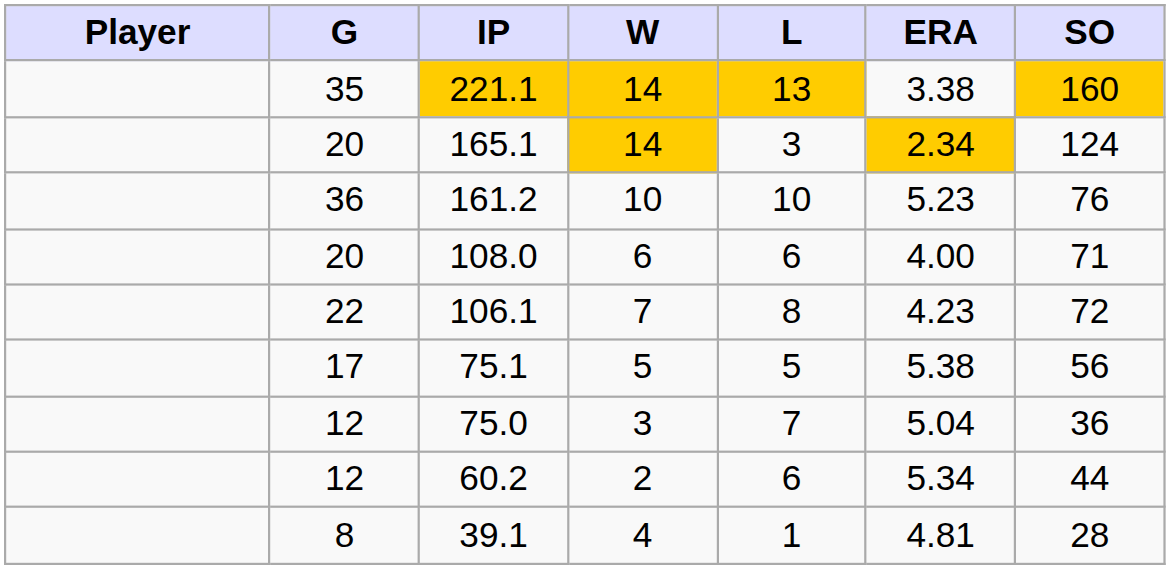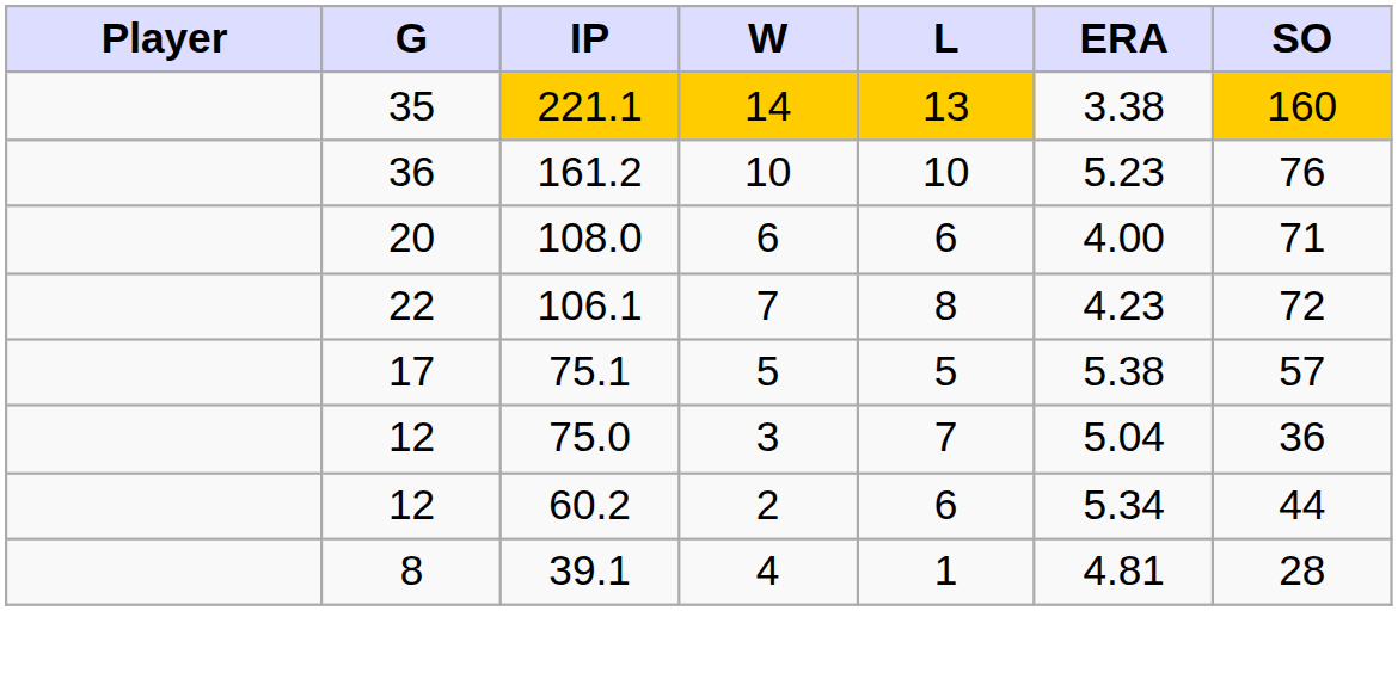 <table class="wikitable sortable">
 <tr>
 <th style="background:#ddf; width:16%;">Player</th>
 <th style="background:#ddf; width:9%;">G</th>
 <th style="background:#ddf; width:9%;">IP</th>
 <th style="background:#ddf; width:9%;">W</th>
 <th style="background:#ddf; width:9%;">L</th>
 <th style="background:#ddf; width:9%;">ERA</th>
 <th style="background:#ddf; width:9%;">SO</th>
 </tr>
 <tr style="text-align:center;">
 <td></td>
 <td>35</td>
 <td style="background:#fc0;">221.1</td>
 <td style="background:#fc0;">14</td>
 <td style="background:#fc0;">13</td>
 <td>3.38</td>
 <td style="background:#fc0;">160</td>
-</tr>
-<tr style="text-align:center;">
-<td></td>
-<td>20</td>
-<td>165.1</td>
-<td style="background:#fc0;">14</td>
-<td>3</td>
-<td style="background:#fc0;">2.34</td>
-<td>124</td>
 </tr>
 <tr style="text-align:center;">
 <td></td>
 <td>36</td>
 <td>161.2</td>
 <td>10</td>
 <td>10</td>
 <td>5.23</td>
 <td>76</td>
 </tr>
 <tr style="text-align:center;">
 <td></td>
 <td>20</td>
 <td>108.0</td>
 <td>6</td>
 <td>6</td>
 <td>4.00</td>
 <td>71</td>
 </tr>
 <tr style="text-align:center;">
 <td></td>
 <td>22</td>
 <td>106.1</td>
 <td>7</td>
 <td>8</td>
 <td>4.23</td>
 <td>72</td>
 </tr>
 <tr style="text-align:center;">
 <td></td>
 <td>17</td>
 <td>75.1</td>
 <td>5</td>
 <td>5</td>
 <td>5.38</td>
-<td>56</td>
+<td>57</td>
 </tr>
 <tr style="text-align:center;">
 <td></td>
 <td>12</td>
 <td>75.0</td>
 <td>3</td>
 <td>7</td>
 <td>5.04</td>
 <td>36</td>
 </tr>
 <tr style="text-align:center;">
 <td></td>
 <td>12</td>
 <td>60.2</td>
 <td>2</td>
 <td>6</td>
 <td>5.34</td>
 <td>44</td>
 </tr>
 <tr style="text-align:center;">
 <td></td>
 <td>8</td>
 <td>39.1</td>
 <td>4</td>
 <td>1</td>
 <td>4.81</td>
 <td>28</td>
 </tr>
 </table>
